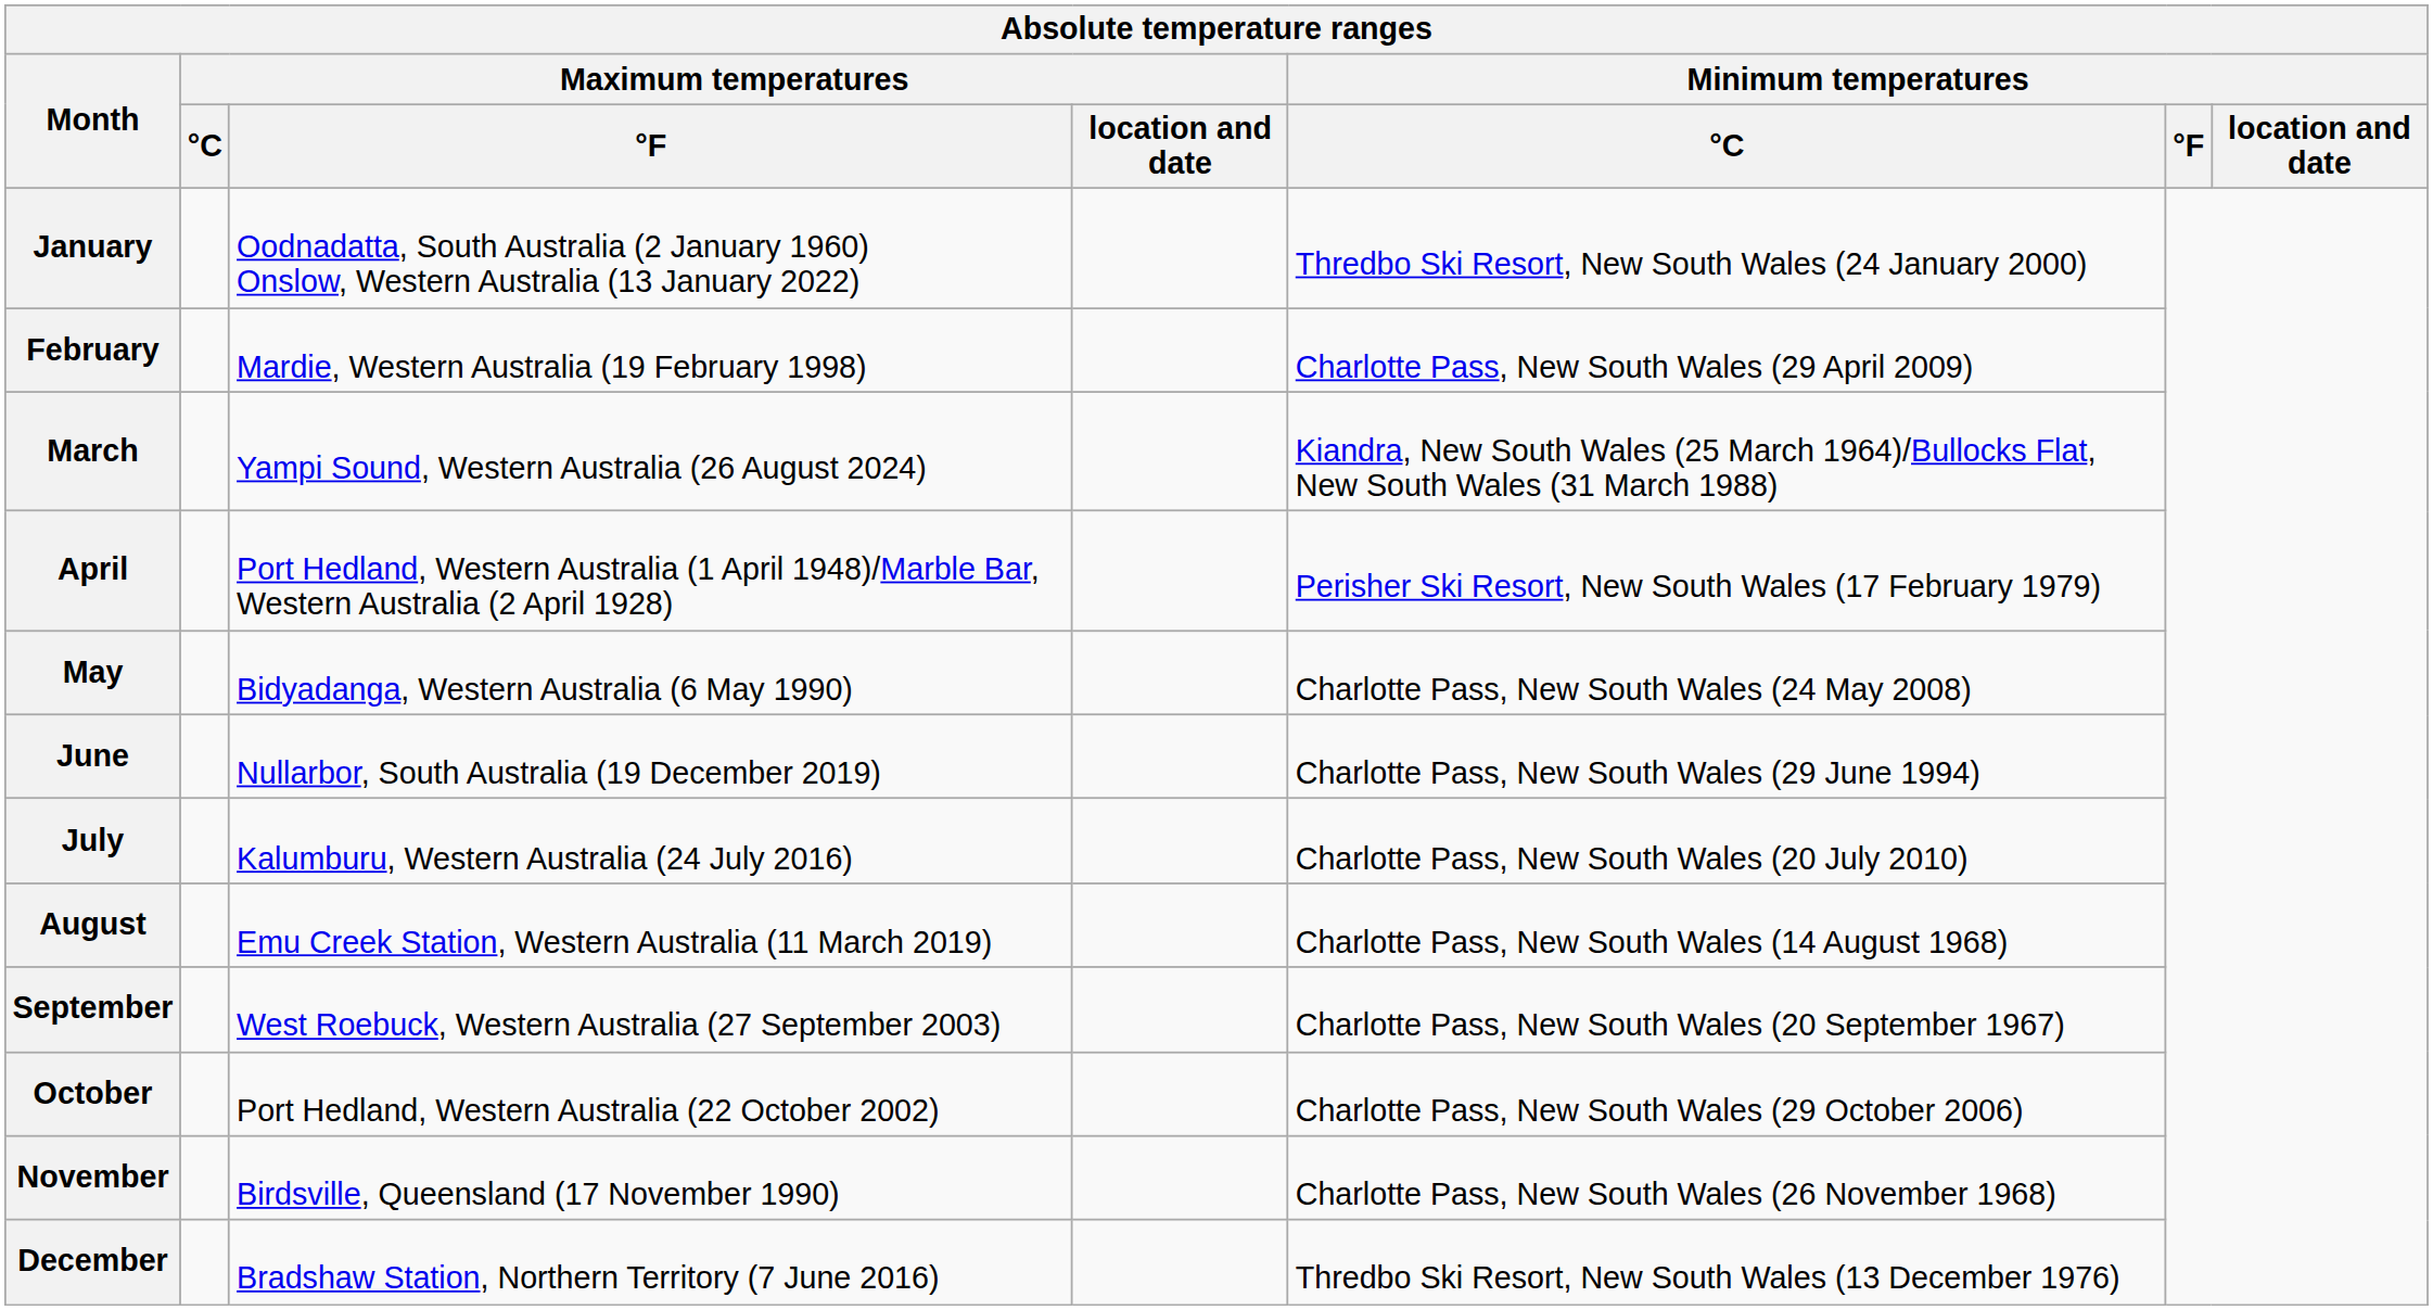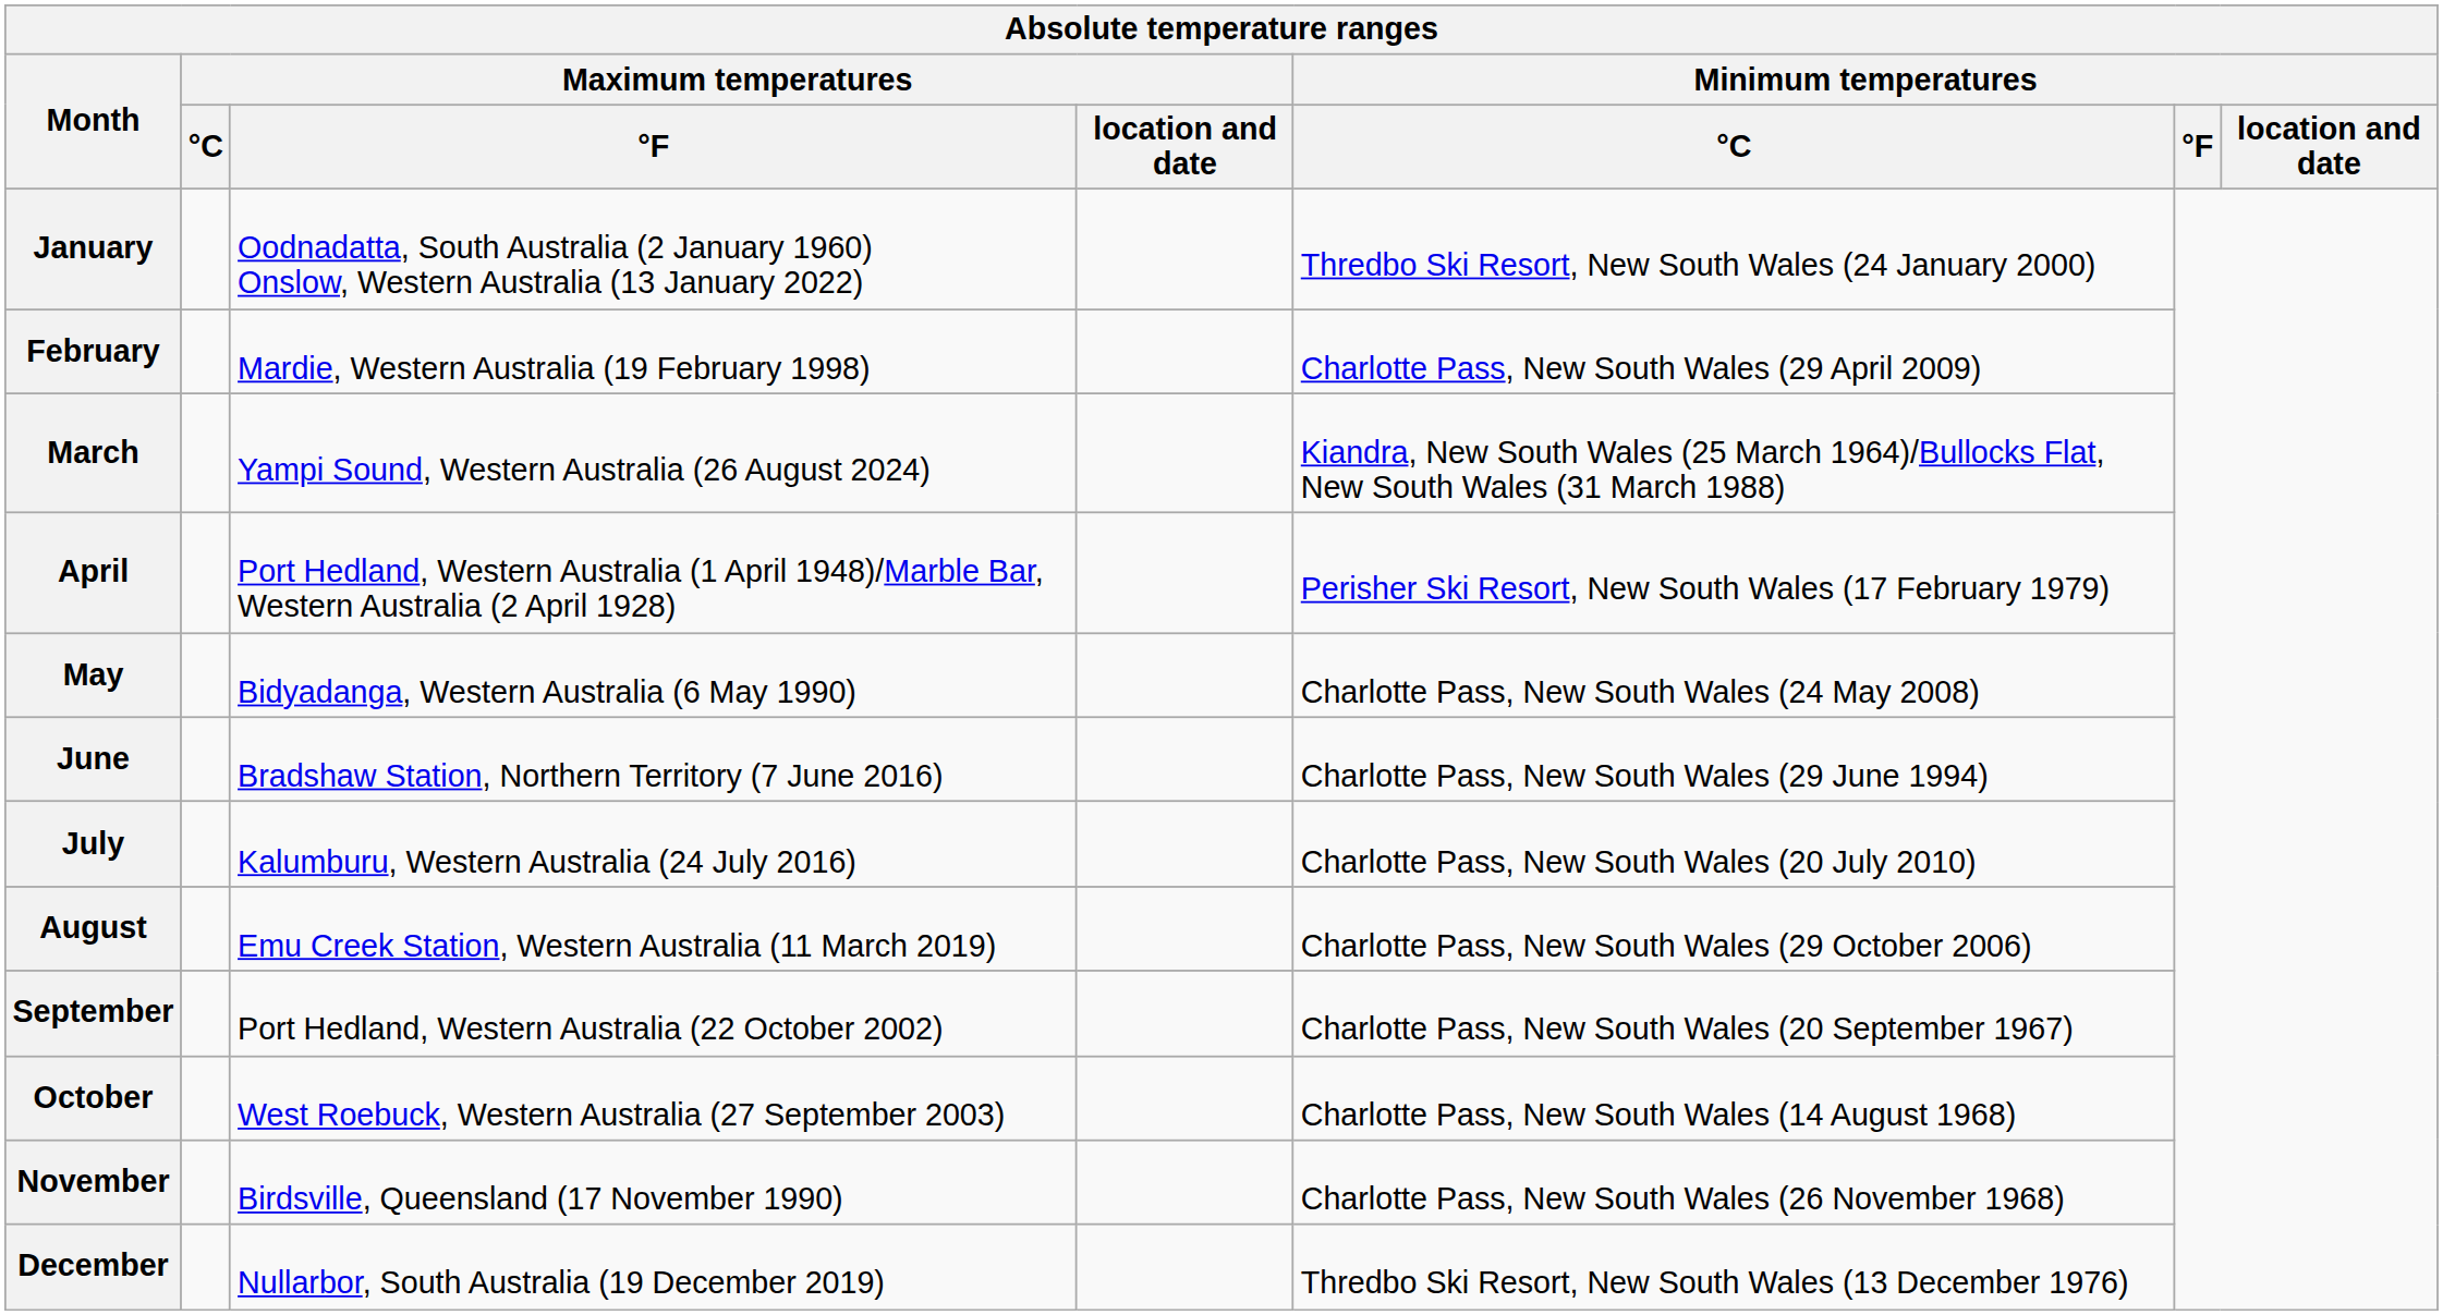 <table class=wikitable sortable>
 <tr>
 <th colspan=7>Absolute temperature ranges</th>
 </tr>
 <tr>
 <th rowspan=2>Month</th>
 <th colspan=3>Maximum temperatures</th>
 <th colspan=3>Minimum temperatures</th>
 </tr>
 <tr>
 <th>°C</th>
 <th>°F</th>
 <th>location and date</th>
 <th>°C</th>
 <th>°F</th>
 <th>location and date</th>
 </tr>
 <tr>
 <th>January</th>
 <td></td>
 <td><br><a href='#'>Oodnadatta</a>, South Australia (2 January 1960)<br> <a href='#'>Onslow</a>, Western Australia (13 January 2022)</td>
 <td></td>
 <td><br><a href='#'>Thredbo Ski Resort</a>, New South Wales (24 January 2000)</td>
 </tr>
 <tr>
 <th>February</th>
 <td></td>
 <td><br><a href='#'>Mardie</a>, Western Australia (19 February 1998)</td>
 <td></td>
 <td><br><a href='#'>Charlotte Pass</a>, New South Wales (29 April 2009)</td>
 </tr>
 <tr>
 <th>March</th>
 <td></td>
 <td><br><a href='#'>Yampi Sound</a>, Western Australia (26 August 2024)</td>
 <td></td>
 <td><br><a href='#'>Kiandra</a>, New South Wales (25 March 1964)/<a href='#'>Bullocks Flat</a>, New South Wales (31 March 1988)</td>
 </tr>
 <tr>
 <th>April</th>
 <td></td>
 <td><br><a href='#'>Port Hedland</a>, Western Australia (1 April 1948)/<a href='#'>Marble Bar</a>, Western Australia (2 April 1928)</td>
 <td></td>
 <td><br><a href='#'>Perisher Ski Resort</a>, New South Wales (17 February 1979)</td>
 </tr>
 <tr>
 <th>May</th>
 <td></td>
 <td><br><a href='#'>Bidyadanga</a>, Western Australia (6 May 1990)</td>
 <td></td>
 <td><br>Charlotte Pass, New South Wales (24 May 2008)</td>
 </tr>
 <tr>
 <th>June</th>
 <td></td>
-<td><br><a href='#'>Nullarbor</a>, South Australia (19 December 2019)</td>
+<td><br><a href='#'>Bradshaw Station</a>, Northern Territory (7 June 2016)</td>
 <td></td>
 <td><br>Charlotte Pass, New South Wales (29 June 1994)</td>
 </tr>
 <tr>
 <th>July</th>
 <td></td>
 <td><br><a href='#'>Kalumburu</a>, Western Australia (24 July 2016)</td>
 <td></td>
 <td><br>Charlotte Pass, New South Wales (20 July 2010)</td>
 </tr>
 <tr>
 <th>August</th>
 <td></td>
 <td><br><a href='#'>Emu Creek Station</a>, Western Australia (11 March 2019)</td>
 <td></td>
-<td><br>Charlotte Pass, New South Wales (14 August 1968)</td>
+<td><br>Charlotte Pass, New South Wales (29 October 2006)</td>
 </tr>
 <tr>
 <th>September</th>
 <td></td>
-<td><br><a href='#'>West Roebuck</a>, Western Australia (27 September 2003)</td>
+<td><br>Port Hedland, Western Australia (22 October 2002)</td>
 <td></td>
 <td><br>Charlotte Pass, New South Wales (20 September 1967)</td>
 </tr>
 <tr>
 <th>October</th>
 <td></td>
-<td><br>Port Hedland, Western Australia (22 October 2002)</td>
+<td><br><a href='#'>West Roebuck</a>, Western Australia (27 September 2003)</td>
 <td></td>
-<td><br>Charlotte Pass, New South Wales (29 October 2006)</td>
+<td><br>Charlotte Pass, New South Wales (14 August 1968)</td>
 </tr>
 <tr>
 <th>November</th>
 <td></td>
 <td><br><a href='#'>Birdsville</a>, Queensland (17 November 1990)</td>
 <td></td>
 <td><br>Charlotte Pass, New South Wales (26 November 1968)</td>
 </tr>
 <tr>
 <th>December</th>
 <td></td>
-<td><br><a href='#'>Bradshaw Station</a>, Northern Territory (7 June 2016)</td>
+<td><br><a href='#'>Nullarbor</a>, South Australia (19 December 2019)</td>
 <td></td>
 <td><br>Thredbo Ski Resort, New South Wales (13 December 1976)</td>
 </tr>
 </table>
